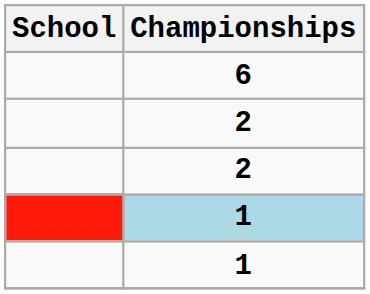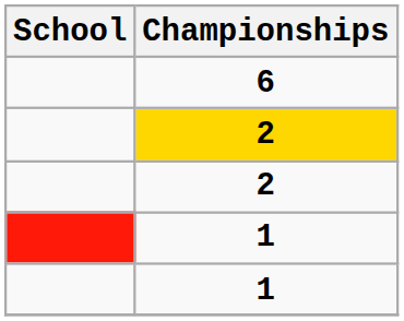 <table class="wikitable sortable" style="text-align:center">
 <tr>
 <th>School</th>
 <th>Championships</th>
 </tr>
 <tr>
 <td><strong><a href='#'></a></strong></td>
 <td><strong>6</strong></td>
 </tr>
 <tr>
 <td><strong><a href='#'></a></strong></td>
-<td><strong>2</strong></td>
+<td style="background: gold;"><strong>2</strong></td>
 </tr>
 <tr>
 <td><strong><a href='#'></a></strong></td>
 <td><strong>2</strong></td>
 </tr>
 <tr>
 <td style="color:white; background:#FF1908"><strong><a href='#'></a></strong></td>
-<td style="background: lightblue;"><strong>1</strong></td>
+<td><strong>1</strong></td>
 </tr>
 <tr>
 <td><strong><a href='#'></a></strong></td>
 <td><strong>1</strong></td>
 </tr>
 <tr>
 </tr>
 </table>
